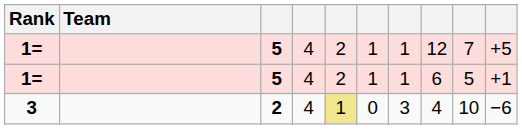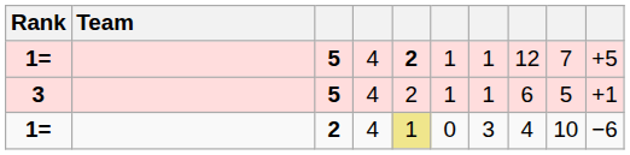 <table class="wikitable" style="text-align: center;">
 <tr>
 <th width=30>Rank</th>
 <th width=165 style="text-align:left;">Team</th>
 <th width=20></th>
 <th width=20></th>
 <th width=20></th>
 <th width=20></th>
 <th width=20></th>
 <th width=20></th>
 <th width=20></th>
 <th width=20></th>
 </tr>
 <tr style="background:#ffdddd;">
 <td><strong>1=</strong></td>
 <td style="text-align:left;"></td>
 <td><strong>5</strong></td>
 <td>4</td>
-<td>2</td>
+<td><strong>2</strong></td>
 <td>1</td>
 <td>1</td>
 <td>12</td>
 <td>7</td>
 <td>+5</td>
 </tr>
 <tr style="background:#ffdddd;">
-<td><strong>1=</strong></td>
+<td><strong>3</strong></td>
 <td style="text-align:left;"></td>
 <td><strong>5</strong></td>
 <td>4</td>
 <td>2</td>
 <td>1</td>
 <td>1</td>
 <td>6</td>
 <td>5</td>
 <td>+1</td>
 </tr>
 <tr>
-<td><strong>3</strong></td>
+<td><strong>1=</strong></td>
 <td style="text-align:left;"></td>
 <td><strong>2</strong></td>
 <td>4</td>
 <td style="background: khaki;">1</td>
 <td>0</td>
 <td>3</td>
 <td>4</td>
 <td>10</td>
 <td>−6</td>
 </tr>
 </table>
